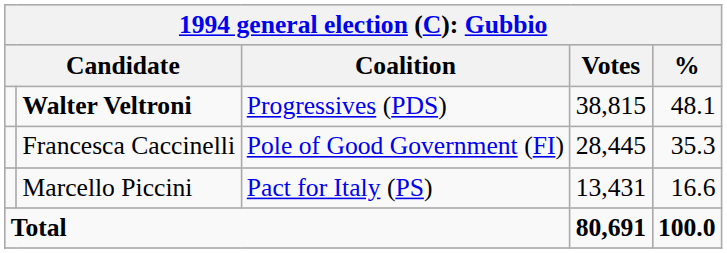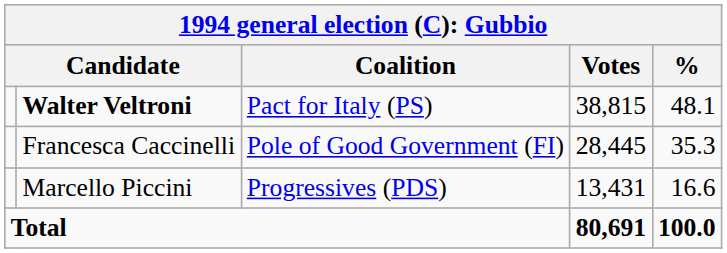 <table class=wikitable style=text-align:right>
 <tr>
 <th colspan=5><a href='#'>1994 general election</a> (<a href='#'>C</a>): <a href='#'>Gubbio</a></th>
 </tr>
 <tr>
 <th colspan=2>Candidate</th>
 <th>Coalition</th>
 <th>Votes</th>
 <th>%</th>
 </tr>
 <tr>
 <td></td>
 <td align=left><strong>Walter Veltroni</strong></td>
-<td align=left><a href='#'>Progressives</a> (<a href='#'>PDS</a>)</td>
+<td align=left><a href='#'>Pact for Italy</a> (<a href='#'>PS</a>)</td>
 <td>38,815</td>
 <td>48.1</td>
 </tr>
 <tr>
 <td></td>
 <td align=left>Francesca Caccinelli</td>
 <td align=left><a href='#'>Pole of Good Government</a> (<a href='#'>FI</a>)</td>
 <td>28,445</td>
 <td>35.3</td>
 </tr>
 <tr>
 <td></td>
 <td align=left>Marcello Piccini</td>
-<td align=left><a href='#'>Pact for Italy</a> (<a href='#'>PS</a>)</td>
+<td align=left><a href='#'>Progressives</a> (<a href='#'>PDS</a>)</td>
 <td>13,431</td>
 <td>16.6</td>
 </tr>
 <tr>
 <td align=left colspan=3><strong>Total</strong></td>
 <td><strong>80,691</strong></td>
 <td><strong>100.0</strong></td>
 </tr>
 </table>
